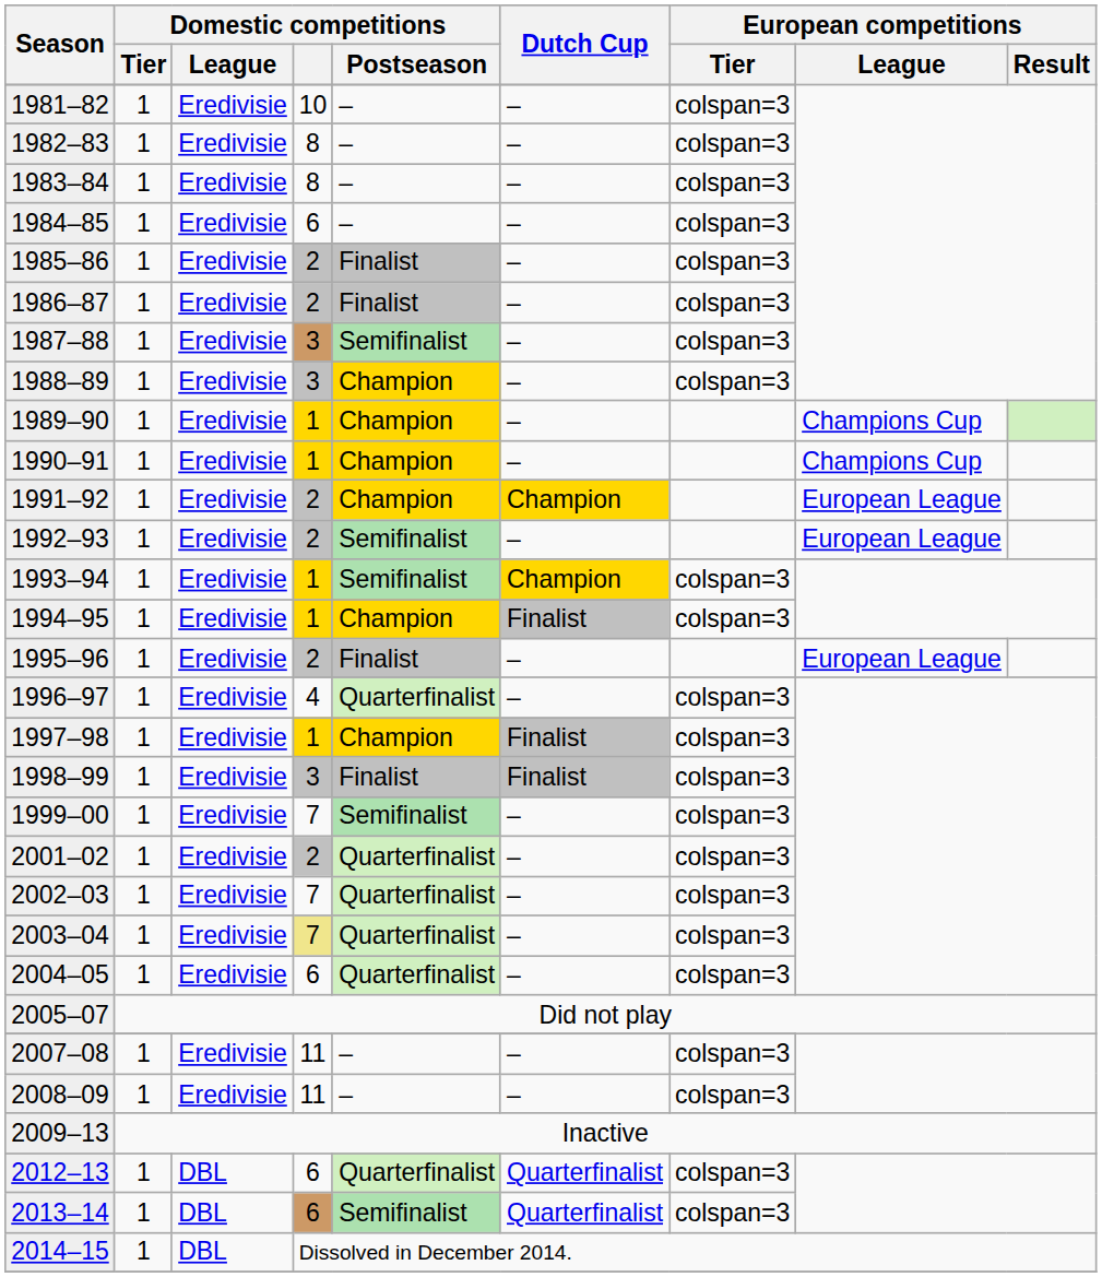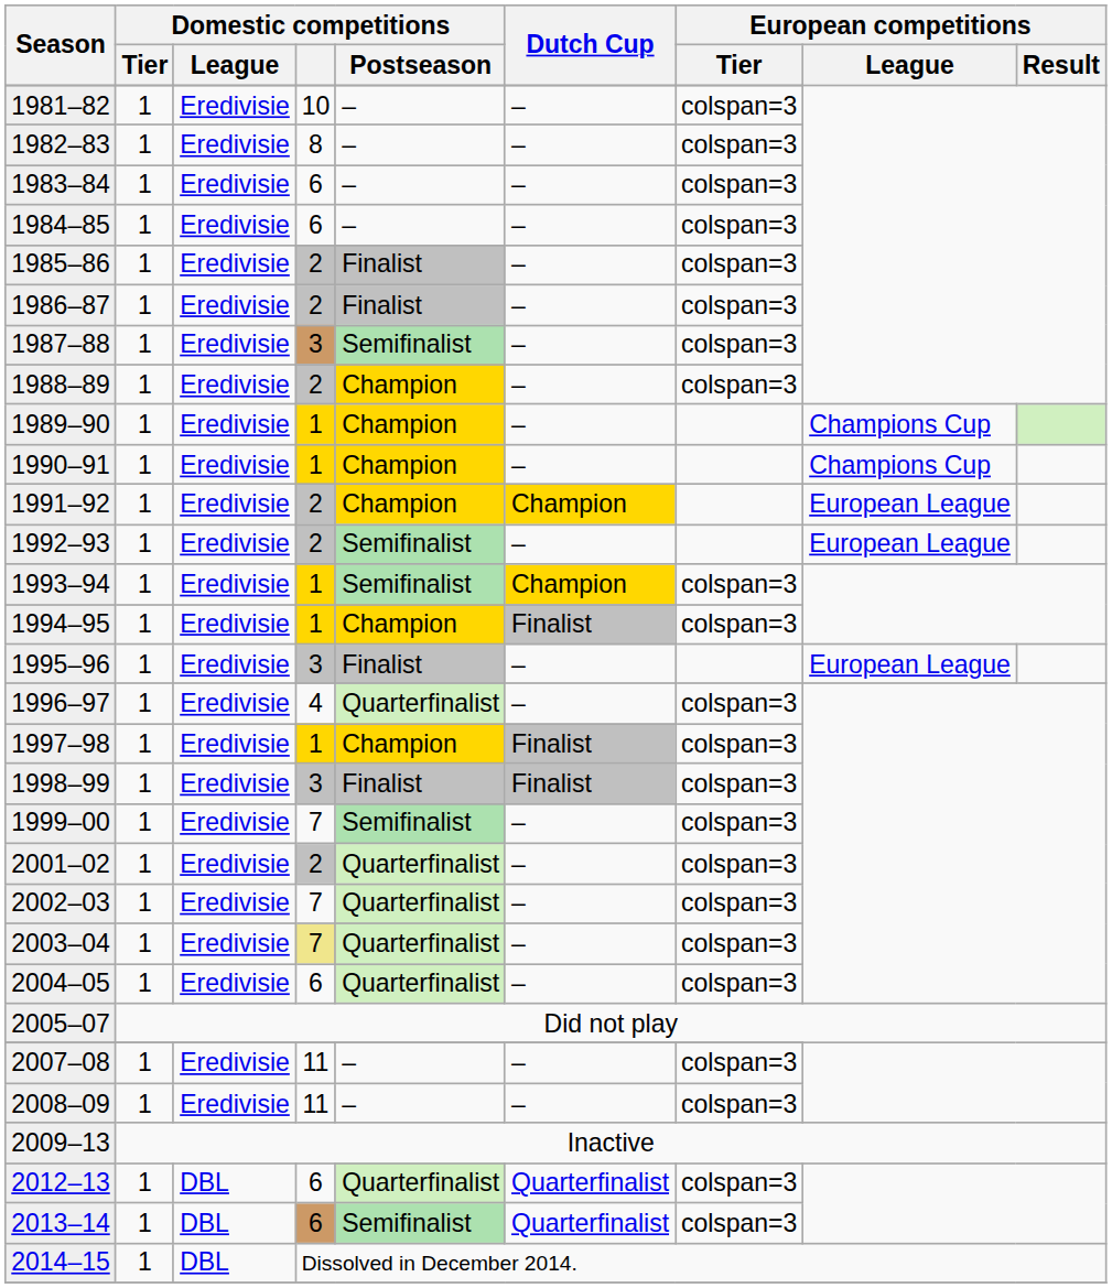 <table class="wikitable" style="font-size:85%">
 <tr bgcolor=>
 <th rowspan=2>Season</th>
 <th colspan=4>Domestic competitions</th>
 <th rowspan=2><a href='#'>Dutch Cup</a></th>
 <th colspan=3>European competitions</th>
 </tr>
 <tr>
 <th>Tier</th>
 <th>League</th>
 <th></th>
 <th>Postseason</th>
 <th>Tier</th>
 <th>League</th>
 <th>Result</th>
 </tr>
 <tr>
 </tr>
 <tr>
 <td style="background:#efefef;">1981–82</td>
 <td align=center>1</td>
 <td><a href='#'>Eredivisie</a></td>
 <td align=center>10</td>
 <td>–</td>
 <td>–</td>
 <td>colspan=3 </td>
 </tr>
 <tr>
 <td style="background:#efefef;">1982–83</td>
 <td align=center>1</td>
 <td><a href='#'>Eredivisie</a></td>
 <td align=center>8</td>
 <td>–</td>
 <td>–</td>
 <td>colspan=3 </td>
 </tr>
 <tr>
 <td style="background:#efefef;">1983–84</td>
 <td align=center>1</td>
 <td><a href='#'>Eredivisie</a></td>
-<td align=center>8</td>
+<td align=center>6</td>
 <td>–</td>
 <td>–</td>
 <td>colspan=3 </td>
 </tr>
 <tr>
 <td style="background:#efefef;">1984–85</td>
 <td align=center>1</td>
 <td><a href='#'>Eredivisie</a></td>
 <td align=center>6</td>
 <td>–</td>
 <td>–</td>
 <td>colspan=3 </td>
 </tr>
 <tr>
 <td style="background:#efefef;">1985–86</td>
 <td align=center>1</td>
 <td><a href='#'>Eredivisie</a></td>
 <td align=center style="background:silver;">2</td>
 <td bgcolor=silver>Finalist</td>
 <td>–</td>
 <td>colspan=3 </td>
 </tr>
 <tr>
 <td style="background:#efefef;">1986–87</td>
 <td align=center>1</td>
 <td><a href='#'>Eredivisie</a></td>
 <td align=center style="background:silver;">2</td>
 <td bgcolor=silver>Finalist</td>
 <td>–</td>
 <td>colspan=3 </td>
 </tr>
 <tr>
 <td style="background:#efefef;">1987–88</td>
 <td align=center>1</td>
 <td><a href='#'>Eredivisie</a></td>
 <td align=center style="background:#CC9966">3</td>
 <td style="background:#ACE1AF;">Semifinalist</td>
 <td>–</td>
 <td>colspan=3 </td>
 </tr>
 <tr>
 <td style="background:#efefef;">1988–89</td>
 <td align=center>1</td>
 <td><a href='#'>Eredivisie</a></td>
-<td align=center style="background:silver;">3</td>
+<td align=center style="background:silver;">2</td>
 <td style="background:gold;">Champion</td>
 <td>–</td>
 <td>colspan=3 </td>
 </tr>
 <tr>
 <td style="background:#efefef;">1989–90</td>
 <td align=center>1</td>
 <td><a href='#'>Eredivisie</a></td>
 <td align=center style="background:gold;">1</td>
 <td style="background:gold;">Champion</td>
 <td style="background: ;">–</td>
 <td></td>
 <td><a href='#'>Champions Cup</a></td>
 <td style="background:#D0F0C0;"></td>
 </tr>
 <tr>
 <td style="background:#efefef;">1990–91</td>
 <td align=center>1</td>
 <td><a href='#'>Eredivisie</a></td>
 <td align=center style="background:gold;">1</td>
 <td style="background:gold;">Champion</td>
 <td style="background: ;">–</td>
 <td></td>
 <td><a href='#'>Champions Cup</a></td>
 <td></td>
 </tr>
 <tr>
 <td style="background:#efefef;">1991–92</td>
 <td align=center>1</td>
 <td><a href='#'>Eredivisie</a></td>
 <td align=center style="background:silver;">2</td>
 <td style="background:gold;">Champion</td>
 <td style="background:gold;">Champion</td>
 <td></td>
 <td><a href='#'>European League</a></td>
 <td></td>
 </tr>
 <tr>
 <td style="background:#efefef;">1992–93</td>
 <td align=center>1</td>
 <td><a href='#'>Eredivisie</a></td>
 <td align=center style="background:silver;">2</td>
 <td style="background:#ACE1AF;">Semifinalist</td>
 <td style="background: ;">–</td>
 <td></td>
 <td><a href='#'>European League</a></td>
 <td></td>
 </tr>
 <tr>
 <td style="background:#efefef;">1993–94</td>
 <td align=center>1</td>
 <td><a href='#'>Eredivisie</a></td>
 <td align=center style="background:gold;">1</td>
 <td style="background:#ACE1AF;">Semifinalist</td>
 <td style="background:gold;">Champion</td>
 <td>colspan=3 </td>
 </tr>
 <tr>
 <td style="background:#efefef;">1994–95</td>
 <td align=center>1</td>
 <td><a href='#'>Eredivisie</a></td>
 <td align=center style="background:gold;">1</td>
 <td style="background:gold;">Champion</td>
 <td style="background:silver;">Finalist</td>
 <td>colspan=3 </td>
 </tr>
 <tr>
 <td style="background:#efefef;">1995–96</td>
 <td align=center>1</td>
 <td><a href='#'>Eredivisie</a></td>
-<td align=center style="background:silver;">2</td>
+<td align=center style="background:silver;">3</td>
 <td style="background:silver;">Finalist</td>
 <td style="background: ;">–</td>
 <td></td>
 <td><a href='#'>European League</a></td>
 <td></td>
 </tr>
 <tr>
 <td style="background:#efefef;">1996–97</td>
 <td align=center>1</td>
 <td><a href='#'>Eredivisie</a></td>
 <td align=center style="background: ;">4</td>
 <td style="background:#D0F0C0;">Quarterfinalist</td>
 <td style="background: ;">–</td>
 <td>colspan=3 </td>
 </tr>
 <tr>
 <td style="background:#efefef;">1997–98</td>
 <td align=center>1</td>
 <td><a href='#'>Eredivisie</a></td>
 <td align=center style="background:gold;">1</td>
 <td style="background:gold;">Champion</td>
 <td style="background:silver;">Finalist</td>
 <td>colspan=3 </td>
 </tr>
 <tr>
 <td style="background:#efefef;">1998–99</td>
 <td align=center>1</td>
 <td><a href='#'>Eredivisie</a></td>
 <td align=center style="background:silver;">3</td>
 <td style="background:silver;">Finalist</td>
 <td style="background:silver;">Finalist</td>
 <td>colspan=3 </td>
 </tr>
 <tr>
 <td style="background:#efefef;">1999–00</td>
 <td align=center>1</td>
 <td><a href='#'>Eredivisie</a></td>
 <td align=center style="background: ;">7</td>
 <td style="background:#ACE1AF;">Semifinalist</td>
 <td style="background: ;">–</td>
 <td>colspan=3 </td>
 </tr>
 <tr>
 <td style="background:#efefef;">2001–02</td>
 <td align=center>1</td>
 <td><a href='#'>Eredivisie</a></td>
 <td align=center style="background:silver;">2</td>
 <td style="background:#D0F0C0;">Quarterfinalist</td>
 <td style="background: ;">–</td>
 <td>colspan=3 </td>
 </tr>
 <tr>
 <td style="background:#efefef;">2002–03</td>
 <td align=center>1</td>
 <td><a href='#'>Eredivisie</a></td>
 <td align=center>7</td>
 <td style="background:#D0F0C0;">Quarterfinalist</td>
 <td style="background: ;">–</td>
 <td>colspan=3 </td>
 </tr>
 <tr>
 <td style="background:#efefef;">2003–04</td>
 <td align=center>1</td>
 <td><a href='#'>Eredivisie</a></td>
 <td align=center style="background: khaki;">7</td>
 <td style="background:#D0F0C0;">Quarterfinalist</td>
 <td style="background: ;">–</td>
 <td>colspan=3 </td>
 </tr>
 <tr>
 <td style="background:#efefef;">2004–05</td>
 <td align=center>1</td>
 <td><a href='#'>Eredivisie</a></td>
 <td align=center>6</td>
 <td style="background:#D0F0C0;">Quarterfinalist</td>
 <td style="background: ;">–</td>
 <td>colspan=3 </td>
 </tr>
 <tr>
 <td style="background:#efefef;">2005–07</td>
 <td align=center  colspan=8>Did not play</td>
 </tr>
 <tr>
 </tr>
 <tr>
 <td style="background:#efefef;">2007–08</td>
 <td align=center>1</td>
 <td><a href='#'>Eredivisie</a></td>
 <td align=center>11</td>
 <td style="background: ;">–</td>
 <td style="background: ;">–</td>
 <td>colspan=3 </td>
 </tr>
 <tr>
 <td style="background:#efefef;">2008–09</td>
 <td align=center>1</td>
 <td><a href='#'>Eredivisie</a></td>
 <td align=center>11</td>
 <td style="background: ;">–</td>
 <td style="background: ;">–</td>
 <td>colspan=3 </td>
 </tr>
 <tr>
 <td style="background:#efefef;">2009–13</td>
 <td align=center  colspan=8>Inactive</td>
 </tr>
 <tr>
 <td style="background:#efefef;"><a href='#'>2012–13</a></td>
 <td align=center>1</td>
 <td><a href='#'>DBL</a></td>
 <td align=center>6</td>
 <td style="background:#D0F0C0;">Quarterfinalist</td>
 <td><a href='#'>Quarterfinalist</a></td>
 <td>colspan=3 </td>
 </tr>
 <tr>
 <td style="background:#efefef;"><a href='#'>2013–14</a></td>
 <td align=center>1</td>
 <td><a href='#'>DBL</a></td>
 <td style="background:#CC9966" align=center>6</td>
 <td style="background:#ACE1AF;">Semifinalist</td>
 <td><a href='#'>Quarterfinalist</a></td>
 <td>colspan=3 </td>
 </tr>
 <tr>
 <td style="background:#efefef;"><a href='#'>2014–15</a></td>
 <td align=center>1</td>
 <td><a href='#'>DBL</a></td>
 <td colspan=6><small>Dissolved in December 2014.</small></td>
 </tr>
 <tr>
 </tr>
 </table>
